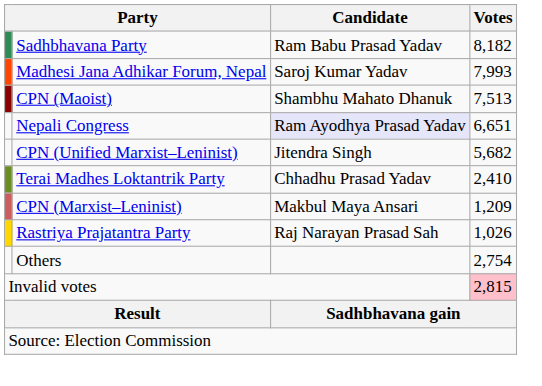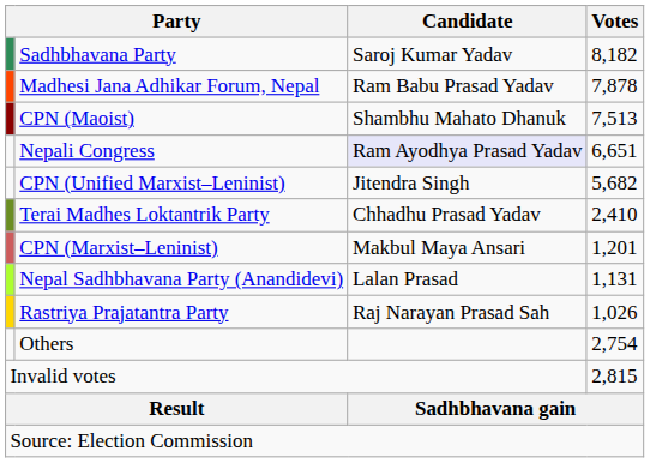 <table class="wikitable">
 <tr>
 <th colspan="2">Party</th>
 <th>Candidate</th>
 <th>Votes</th>
 </tr>
 <tr>
 <td style="background-color:seagreen"></td>
 <td><a href='#'>Sadhbhavana Party</a></td>
-<td>Ram Babu Prasad Yadav</td>
+<td>Saroj Kumar Yadav</td>
 <td>8,182</td>
 </tr>
 <tr>
 <td style="background-color:orangered"></td>
 <td><a href='#'>Madhesi Jana Adhikar Forum, Nepal</a></td>
-<td>Saroj Kumar Yadav</td>
-<td>7,993</td>
+<td>Ram Babu Prasad Yadav</td>
+<td>7,878</td>
 </tr>
 <tr>
 <td style="background-color:darkred"></td>
 <td><a href='#'>CPN (Maoist)</a></td>
 <td>Shambhu Mahato Dhanuk</td>
 <td>7,513</td>
 </tr>
 <tr>
 <td style="background-color:"></td>
 <td><a href='#'>Nepali Congress</a></td>
 <td style="background: lavender;">Ram Ayodhya Prasad Yadav</td>
 <td>6,651</td>
 </tr>
 <tr>
 <td style="background-color:"></td>
 <td><a href='#'>CPN (Unified Marxist–Leninist)</a></td>
 <td>Jitendra Singh</td>
 <td>5,682</td>
 </tr>
 <tr>
 <td style="background-color:olivedrab"></td>
 <td><a href='#'>Terai Madhes Loktantrik Party</a></td>
 <td>Chhadhu Prasad Yadav</td>
 <td>2,410</td>
 </tr>
 <tr>
 <td style="background-color:indianred"></td>
 <td><a href='#'>CPN (Marxist–Leninist)</a></td>
 <td>Makbul Maya Ansari</td>
-<td>1,209</td>
+<td>1,201</td>
+</tr>
+<tr>
+<td style="background-color:greenyellow"></td>
+<td><a href='#'>Nepal Sadhbhavana Party (Anandidevi)</a></td>
+<td>Lalan Prasad</td>
+<td>1,131</td>
 </tr>
 <tr>
 <td style="background-color:gold"></td>
 <td><a href='#'>Rastriya Prajatantra Party</a></td>
 <td>Raj Narayan Prasad Sah</td>
 <td>1,026</td>
 </tr>
 <tr>
 <td></td>
 <td>Others</td>
 <td></td>
 <td>2,754</td>
 </tr>
 <tr>
 <td colspan="3">Invalid votes</td>
-<td style="background: pink;">2,815</td>
+<td>2,815</td>
 </tr>
 <tr>
 <th colspan="2">Result</th>
 <th colspan="2">Sadhbhavana gain</th>
 </tr>
 <tr>
 <td colspan="4">Source: Election Commission</td>
 </tr>
 </table>
